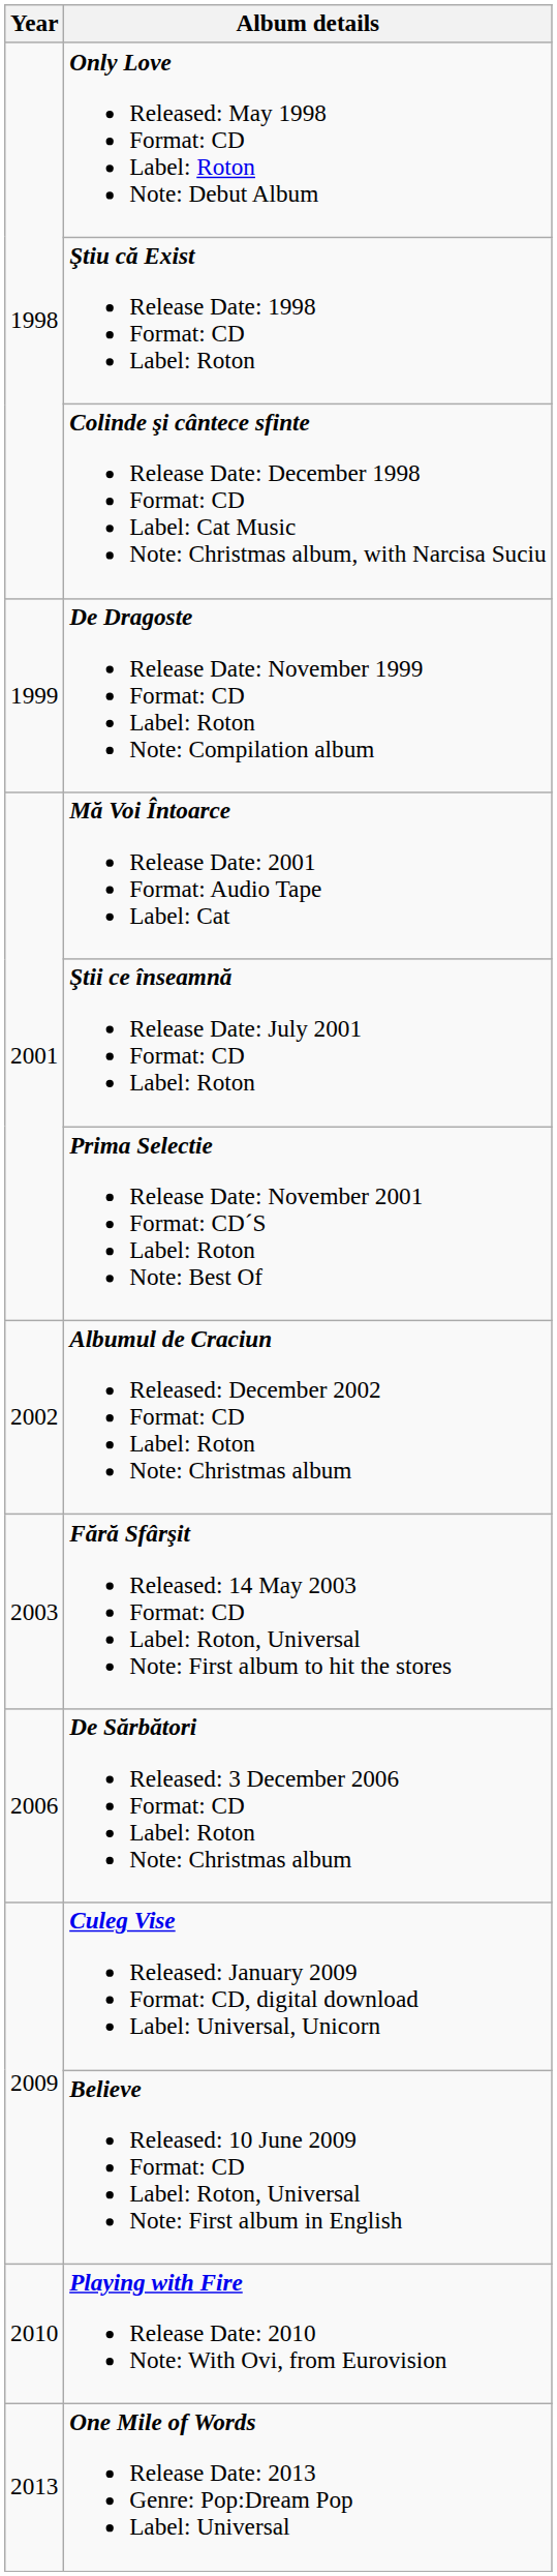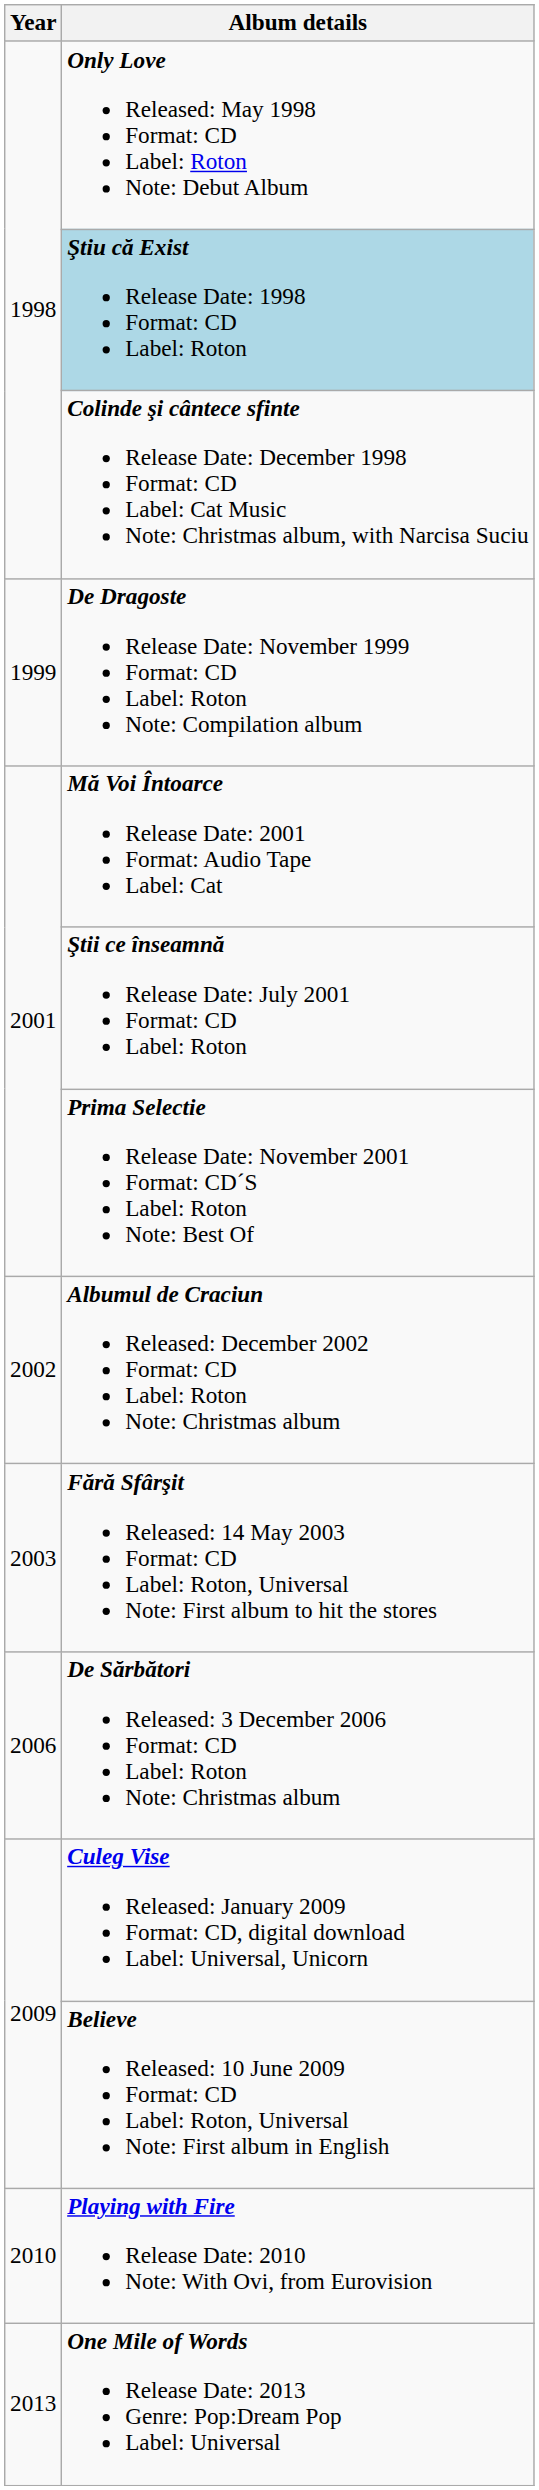 <table class="wikitable">
 <tr>
 <th>Year</th>
 <th>Album details</th>
 </tr>
 <tr>
 <td rowspan="3">1998</td>
 <td><strong><em>Only Love</em></strong><br><ul><li>Released: May 1998</li><li>Format: CD</li><li>Label: <a href='#'>Roton</a></li><li>Note: Debut Album</li></ul></td>
 </tr>
 <tr>
-<td><strong><em>Ştiu că Exist</em></strong><br><ul><li>Release Date: 1998 </li><li>Format: CD</li><li>Label: Roton</li></ul></td>
+<td style="background: lightblue;"><strong><em>Ştiu că Exist</em></strong><br><ul><li>Release Date: 1998 </li><li>Format: CD</li><li>Label: Roton</li></ul></td>
 </tr>
 <tr>
 <td><strong><em>Colinde şi cântece sfinte</em></strong><br><ul><li>Release Date: December 1998</li><li>Format: CD</li><li>Label: Cat Music</li><li>Note: Christmas album, with Narcisa Suciu</li></ul></td>
 </tr>
 <tr>
 <td>1999</td>
 <td><strong><em>De Dragoste</em></strong><br><ul><li>Release Date: November 1999</li><li>Format: CD</li><li>Label: Roton</li><li>Note: Compilation album</li></ul></td>
 </tr>
 <tr>
 <td rowspan="3">2001</td>
 <td><strong><em>Mă Voi Întoarce</em></strong><br><ul><li>Release Date: 2001</li><li>Format: Audio Tape</li><li>Label: Cat</li></ul></td>
 </tr>
 <tr>
 <td><strong><em>Ştii ce înseamnă</em></strong><br><ul><li>Release Date: July 2001</li><li>Format: CD</li><li>Label: Roton</li></ul></td>
 </tr>
 <tr>
 <td><strong><em>Prima Selectie</em></strong><br><ul><li>Release Date: November 2001</li><li>Format: CD´S</li><li>Label: Roton</li><li>Note: Best Of</li></ul></td>
 </tr>
 <tr>
 <td>2002</td>
 <td><strong><em>Albumul de Craciun</em></strong><br><ul><li>Released: December 2002</li><li>Format: CD</li><li>Label: Roton</li><li>Note: Christmas album</li></ul></td>
 </tr>
 <tr>
 <td>2003</td>
 <td><strong><em>Fără Sfârşit</em></strong><br><ul><li>Released: 14 May 2003</li><li>Format: CD</li><li>Label: Roton, Universal</li><li>Note: First album to hit the stores</li></ul></td>
 </tr>
 <tr>
 <td>2006</td>
 <td><strong><em>De Sărbători</em></strong><br><ul><li>Released: 3 December 2006</li><li>Format: CD</li><li>Label: Roton</li><li>Note: Christmas album</li></ul></td>
 </tr>
 <tr>
 <td rowspan="2">2009</td>
 <td><strong><em><a href='#'>Culeg Vise</a></em></strong><br><ul><li>Released: January 2009</li><li>Format: CD, digital download</li><li>Label: Universal, Unicorn</li></ul></td>
 </tr>
 <tr>
 <td><strong><em>Believe</em></strong><br><ul><li>Released: 10 June 2009</li><li>Format: CD</li><li>Label: Roton, Universal</li><li>Note: First album in English</li></ul></td>
 </tr>
 <tr>
 <td>2010</td>
 <td><strong><em><a href='#'>Playing with Fire</a></em></strong><br><ul><li>Release Date: 2010</li><li>Note: With Ovi, from Eurovision</li></ul></td>
 </tr>
 <tr>
 <td>2013</td>
 <td><strong><em>One Mile of Words</em></strong><br><ul><li>Release Date: 2013</li><li>Genre: Pop:Dream Pop</li><li>Label: Universal</li></ul></td>
 </tr>
 </table>
